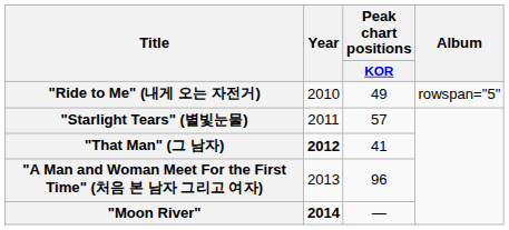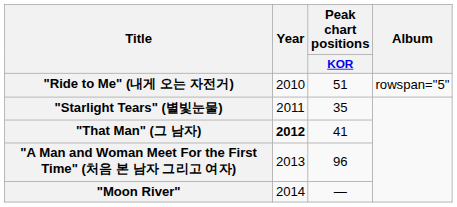 <table class="wikitable plainrowheaders" style="text-align:center">
 <tr>
 <th rowspan="2" style="width:20em">Title</th>
 <th rowspan="2">Year</th>
 <th>Peak chart positions</th>
 <th rowspan="2">Album</th>
 </tr>
 <tr>
 <th scope="col" style="width:2.5em;font-size:90%"><a href='#'>KOR</a><br></th>
 </tr>
 <tr>
 <th scope="row">"Ride to Me" (내게 오는 자전거) </th>
 <td>2010</td>
-<td>49</td>
+<td>51</td>
 <td>rowspan="5" </td>
 </tr>
 <tr>
 <th scope="row">"Starlight Tears" (별빛눈물)</th>
 <td>2011</td>
-<td>57</td>
+<td>35</td>
 </tr>
 <tr>
 <th scope="row">"That Man" (그 남자)</th>
 <td><strong>2012</strong></td>
 <td>41</td>
 </tr>
 <tr>
 <th scope="row">"A Man and Woman Meet For the First Time" (처음 본 남자 그리고 여자) </th>
 <td>2013</td>
 <td>96</td>
 </tr>
 <tr>
 <th scope="row">"Moon River"</th>
-<td><strong>2014</strong></td>
+<td>2014</td>
 <td>—</td>
 </tr>
 </table>
